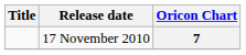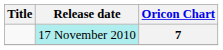 <table class="wikitable">
 <tr>
 <th>Title</th>
 <th>Release date</th>
 <th><a href='#'>Oricon Chart</a></th>
 </tr>
 <tr>
 <td></td>
-<td>17 November 2010</td>
+<td style="background: paleturquoise;">17 November 2010</td>
 <th>7</th>
 </tr>
 <tr>
 </tr>
 </table>
